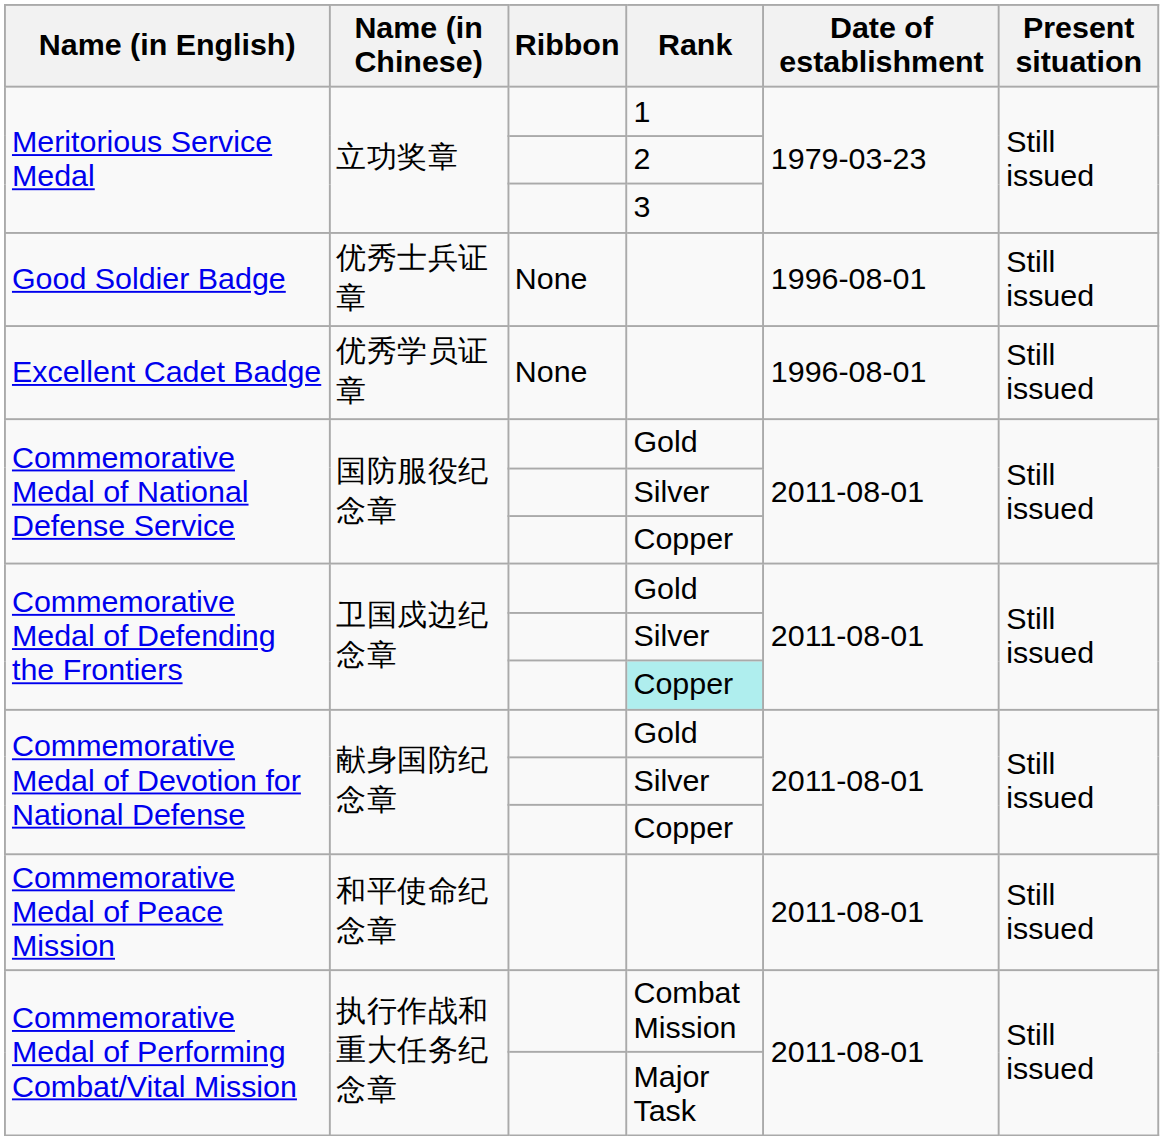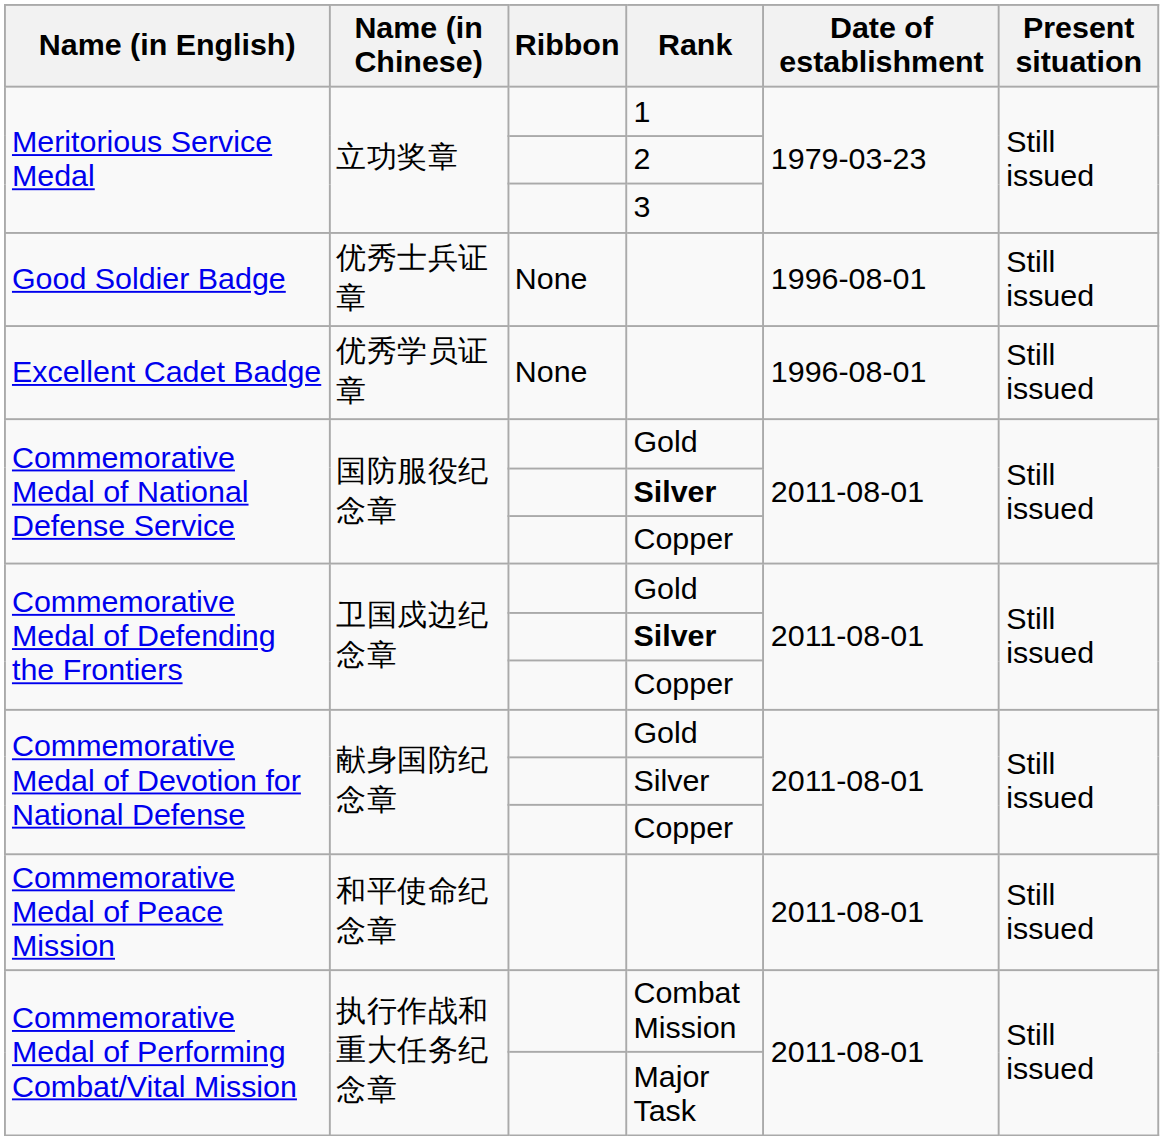 <table class="wikitable">
 <tr>
 <th>Name (in English)</th>
 <th>Name (in Chinese)</th>
 <th>Ribbon</th>
 <th>Rank</th>
 <th>Date of establishment</th>
 <th>Present situation</th>
 </tr>
 <tr>
 <td rowspan=3><a href='#'>Meritorious Service Medal</a></td>
 <td rowspan=3>立功奖章</td>
 <td></td>
 <td>1</td>
 <td rowspan=3>1979-03-23</td>
 <td rowspan=3>Still issued</td>
 </tr>
 <tr>
 <td></td>
 <td>2</td>
 </tr>
 <tr>
 <td></td>
 <td>3</td>
 </tr>
 <tr>
 <td><a href='#'>Good Soldier Badge</a></td>
 <td>优秀士兵证章</td>
 <td>None</td>
 <td></td>
 <td>1996-08-01</td>
 <td>Still issued</td>
 </tr>
 <tr>
 <td><a href='#'>Excellent Cadet Badge</a></td>
 <td>优秀学员证章</td>
 <td>None</td>
 <td></td>
 <td>1996-08-01</td>
 <td>Still issued</td>
 </tr>
 <tr>
 <td rowspan=3><a href='#'>Commemorative Medal of National Defense Service</a></td>
 <td rowspan=3>国防服役纪念章</td>
 <td></td>
 <td>Gold</td>
 <td rowspan=3>2011-08-01</td>
 <td rowspan=3>Still issued</td>
 </tr>
 <tr>
 <td></td>
-<td>Silver</td>
+<td><strong>Silver</strong></td>
 </tr>
 <tr>
 <td></td>
 <td>Copper</td>
 </tr>
 <tr>
 <td rowspan=3><a href='#'>Commemorative Medal of Defending the Frontiers</a></td>
 <td rowspan=3>卫国戍边纪念章</td>
 <td></td>
 <td>Gold</td>
 <td rowspan=3>2011-08-01</td>
 <td rowspan=3>Still issued</td>
 </tr>
 <tr>
 <td></td>
-<td>Silver</td>
+<td><strong>Silver</strong></td>
 </tr>
 <tr>
 <td></td>
-<td style="background: paleturquoise;">Copper</td>
+<td>Copper</td>
 </tr>
 <tr>
 <td rowspan=3><a href='#'>Commemorative Medal of Devotion for National Defense</a></td>
 <td rowspan=3>献身国防纪念章</td>
 <td></td>
 <td>Gold</td>
 <td rowspan=3>2011-08-01</td>
 <td rowspan=3>Still issued</td>
 </tr>
 <tr>
 <td></td>
 <td>Silver</td>
 </tr>
 <tr>
 <td></td>
 <td>Copper</td>
 </tr>
 <tr>
 <td><a href='#'>Commemorative Medal of Peace Mission</a></td>
 <td>和平使命纪念章</td>
 <td></td>
 <td></td>
 <td>2011-08-01</td>
 <td>Still issued</td>
 </tr>
 <tr>
 <td rowspan=2><a href='#'>Commemorative Medal of Performing Combat/Vital Mission</a></td>
 <td rowspan=2>执行作战和重大任务纪念章</td>
 <td></td>
 <td>Combat Mission</td>
 <td rowspan=2>2011-08-01</td>
 <td rowspan=2>Still issued</td>
 </tr>
 <tr>
 <td></td>
 <td>Major Task</td>
 </tr>
 </table>
